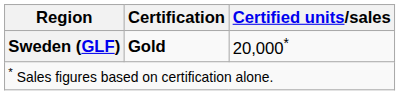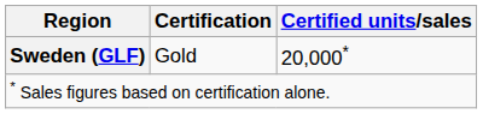 <table class="wikitable sortable plainrowheaders">
 <tr>
 <th>Region</th>
 <th>Certification</th>
 <th><a href='#'>Certified units</a>/sales</th>
 </tr>
 <tr>
 <th scope="row">Sweden (<a href='#'>GLF</a>)</th>
-<td><strong>Gold</strong></td>
+<td>Gold</td>
 <td>20,000<sup>*</sup></td>
 </tr>
 <tr>
 <td colspan="3"><small><sup>*</sup> Sales figures based on certification alone.</small></td>
 </tr>
 </table>
